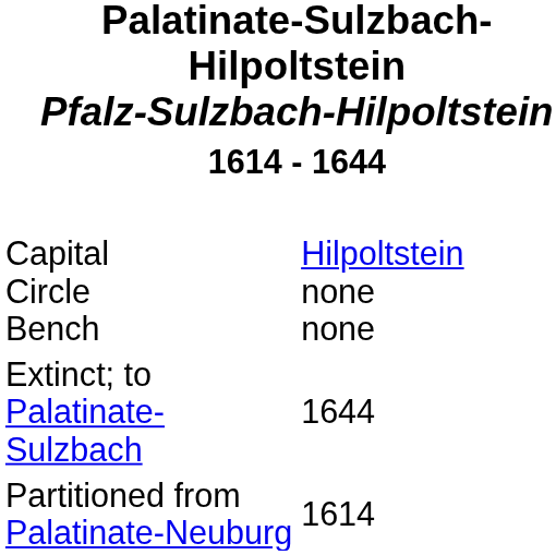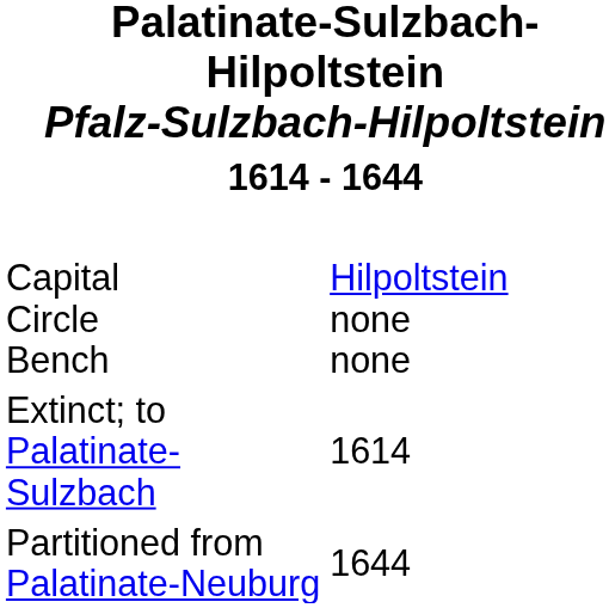 <table align="right" class="toccolours">
 <tr>
 <td colspan=2 align="center"><big><strong>Palatinate-Sulzbach-Hilpoltstein</strong><br><strong><em>Pfalz-Sulzbach-Hilpoltstein</em></strong></big></td>
 </tr>
 <tr>
 <td colspan=2 align="center"><strong>1614 - 1644<em></td>
 </tr>
 <tr>
 <td><br></td>
 </tr>
 <tr>
 <td width=138px></strong>Capital<br>Circle<br>Bench<strong></td>
 <td width=138px><a href='#'>Hilpoltstein</a><br>none<br>none</td>
 </tr>
 <tr>
 <td>Extinct; to <a href='#'>Palatinate-Sulzbach</a></td>
-<td>1644</td>
+<td>1614</td>
 </tr>
 <tr>
 <td>Partitioned from <a href='#'>Palatinate-Neuburg</a></td>
-<td>1614</td>
+<td>1644</td>
 </tr>
 <tr>
 </tr>
 </table>
